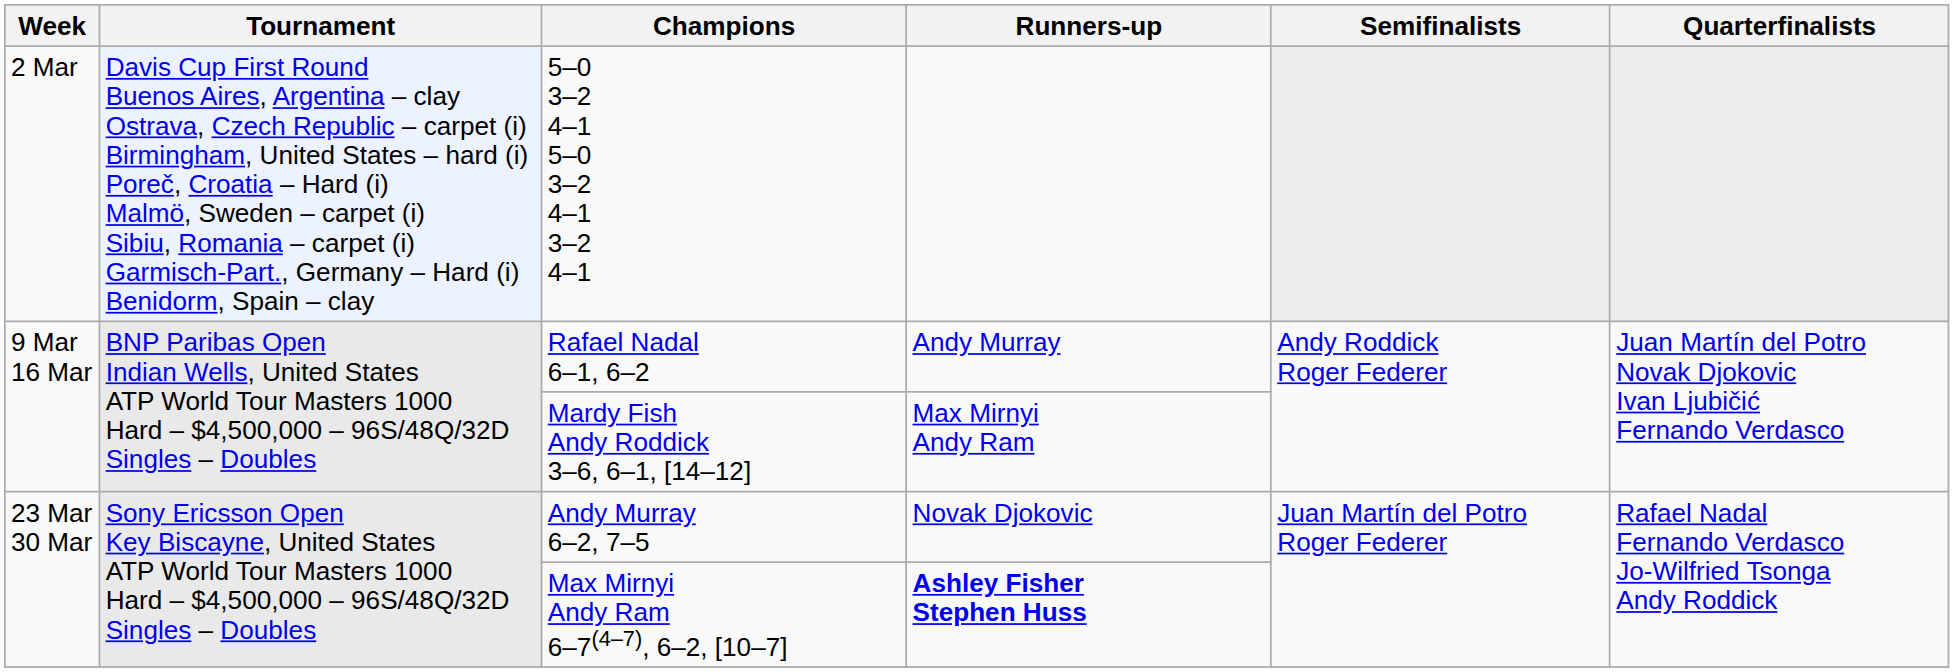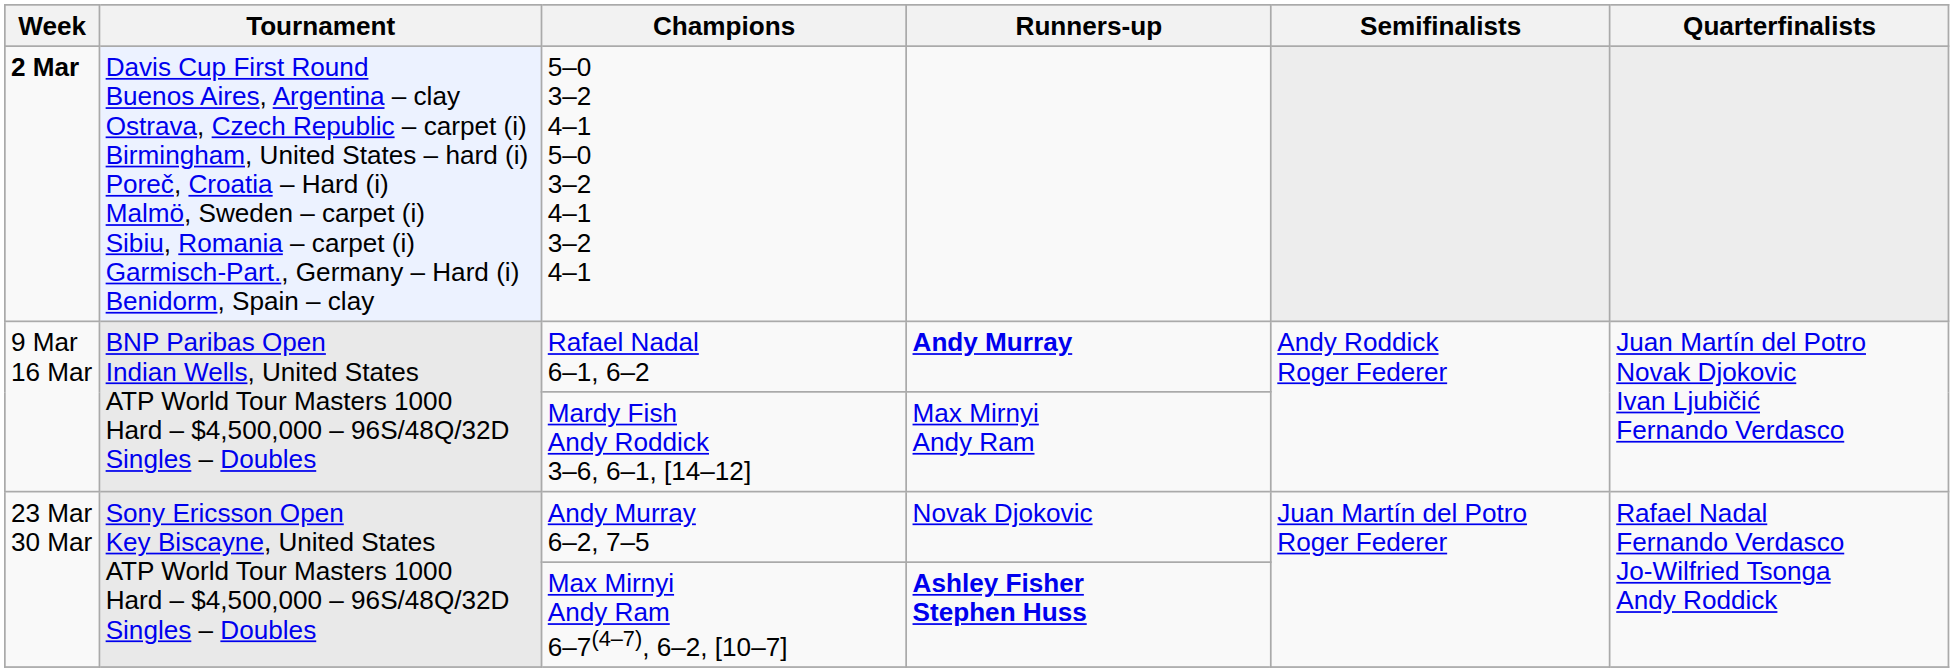 <table class=wikitable style=font-size:95%>
 <tr>
 <th style="width:48px;">Week</th>
 <th style="width:250px;">Tournament</th>
 <th style="width:205px;">Champions</th>
 <th style="width:205px;">Runners-up</th>
 <th style="width:190px;">Semifinalists</th>
 <th style="width:190px;">Quarterfinalists</th>
 </tr>
 <tr valign=top>
-<td rowspan=1>2 Mar</td>
+<td rowspan=1><strong>2 Mar</strong></td>
 <td style="background:#ecf2ff;"rowspan=1><a href='#'>Davis Cup First Round</a><br> <a href='#'>Buenos Aires</a>, <a href='#'>Argentina</a> – clay<br> <a href='#'>Ostrava</a>, <a href='#'>Czech Republic</a> – carpet (i)<br> <a href='#'>Birmingham</a>, United States – hard (i)<br> <a href='#'>Poreč</a>, <a href='#'>Croatia</a> – Hard (i)<br> <a href='#'>Malmö</a>, Sweden – carpet (i)<br> <a href='#'>Sibiu</a>, <a href='#'>Romania</a> – carpet (i)<br> <a href='#'>Garmisch-Part.</a>, Germany – Hard (i)<br><a href='#'>Benidorm</a>, Spain – clay</td>
 <td> 5–0<br> 3–2<br> 4–1<br> 5–0<br> 3–2<br> 4–1<br> 3–2<br> 4–1</td>
 <td><br><br><br><br><br><br><br></td>
 <td bgcolor="#ededed"></td>
 <td bgcolor="#ededed"></td>
 </tr>
 <tr valign=top>
 <td rowspan=2>9 Mar<br>16 Mar</td>
 <td style="background:#e9e9e9;"rowspan=2><a href='#'>BNP Paribas Open</a><br> <a href='#'>Indian Wells</a>, United States<br>ATP World Tour Masters 1000<br>Hard – $4,500,000 – 96S/48Q/32D<br><a href='#'>Singles</a> – <a href='#'>Doubles</a></td>
 <td> <a href='#'>Rafael Nadal</a> <br>6–1, 6–2</td>
-<td> <a href='#'>Andy Murray</a></td>
+<td><strong> <a href='#'>Andy Murray</a></strong></td>
 <td rowspan=2> <a href='#'>Andy Roddick</a><br> <a href='#'>Roger Federer</a></td>
 <td rowspan=2> <a href='#'>Juan Martín del Potro</a><br> <a href='#'>Novak Djokovic</a><br> <a href='#'>Ivan Ljubičić</a><br> <a href='#'>Fernando Verdasco</a></td>
 </tr>
 <tr valign=top>
 <td> <a href='#'>Mardy Fish</a><br> <a href='#'>Andy Roddick</a><br>3–6, 6–1, [14–12]</td>
 <td> <a href='#'>Max Mirnyi</a><br> <a href='#'>Andy Ram</a></td>
 </tr>
 <tr valign=top>
 <td rowspan=2>23 Mar<br>30 Mar</td>
 <td style="background:#e9e9e9;"rowspan=2><a href='#'>Sony Ericsson Open</a><br> <a href='#'>Key Biscayne</a>, United States<br>ATP World Tour Masters 1000<br>Hard – $4,500,000 – 96S/48Q/32D<br><a href='#'>Singles</a> – <a href='#'>Doubles</a></td>
 <td> <a href='#'>Andy Murray</a><br>6–2, 7–5</td>
 <td> <a href='#'>Novak Djokovic</a></td>
 <td rowspan=2> <a href='#'>Juan Martín del Potro</a><br> <a href='#'>Roger Federer</a></td>
 <td rowspan=2> <a href='#'>Rafael Nadal</a><br> <a href='#'>Fernando Verdasco</a><br> <a href='#'>Jo-Wilfried Tsonga</a><br> <a href='#'>Andy Roddick</a></td>
 </tr>
 <tr valign=top>
 <td> <a href='#'>Max Mirnyi</a><br> <a href='#'>Andy Ram</a><br>6–7<sup>(4–7)</sup>, 6–2, [10–7]</td>
 <td><strong> <a href='#'>Ashley Fisher</a><br> <a href='#'>Stephen Huss</a></strong></td>
 </tr>
 </table>
